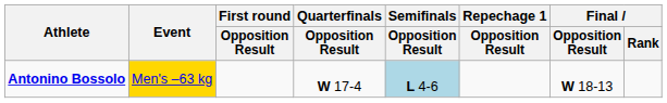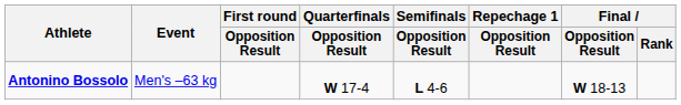 <table class="wikitable" style="font-size:90%;">
 <tr>
 <th rowspan=2>Athlete</th>
 <th rowspan=2>Event</th>
 <th>First round</th>
 <th>Quarterfinals</th>
 <th>Semifinals</th>
 <th>Repechage 1</th>
 <th colspan=2>Final / </th>
 </tr>
 <tr style="font-size:95%">
 <th>Opposition<br>Result</th>
 <th>Opposition<br>Result</th>
 <th>Opposition<br>Result</th>
 <th>Opposition<br>Result</th>
 <th>Opposition<br>Result</th>
 <th>Rank</th>
 </tr>
 <tr align=center>
 <td align=left><strong><a href='#'>Antonino Bossolo</a></strong></td>
-<td align=left style="background: gold;"><a href='#'>Men's –63 kg</a></td>
+<td align=left><a href='#'>Men's –63 kg</a></td>
 <td></td>
 <td><br><strong>W</strong> 17-4</td>
-<td style="background: lightblue;"><br><strong>L</strong> 4-6</td>
+<td><br><strong>L</strong> 4-6</td>
 <td></td>
 <td><br><strong>W</strong> 18-13</td>
 <td></td>
 </tr>
 </table>
